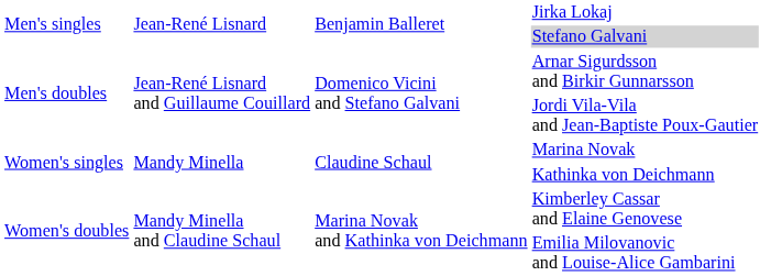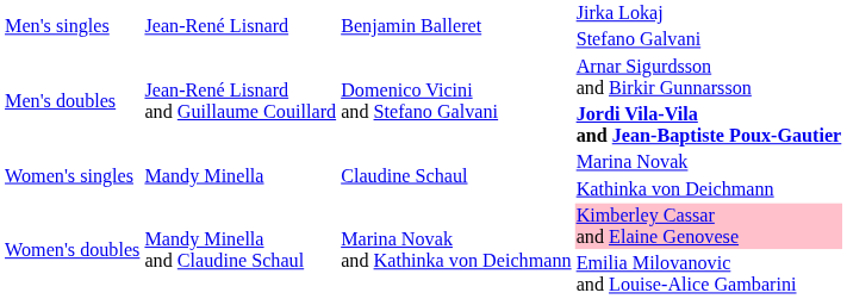 <table>
 <tr>
 <td rowspan=2><a href='#'>Men's singles</a></td>
 <td rowspan=2> <a href='#'>Jean-René Lisnard</a></td>
 <td rowspan=2> <a href='#'>Benjamin Balleret</a></td>
 <td> <a href='#'>Jirka Lokaj</a></td>
 </tr>
 <tr>
-<td style="background: lightgrey;"> <a href='#'>Stefano Galvani</a></td>
+<td> <a href='#'>Stefano Galvani</a></td>
 </tr>
 <tr>
 <td rowspan=2><a href='#'>Men's doubles</a></td>
 <td rowspan=2> <a href='#'>Jean-René Lisnard</a><br>and <a href='#'>Guillaume Couillard</a></td>
 <td rowspan=2> <a href='#'>Domenico Vicini</a><br>and <a href='#'>Stefano Galvani</a></td>
 <td> <a href='#'>Arnar Sigurdsson</a><br>and <a href='#'>Birkir Gunnarsson</a></td>
 </tr>
 <tr>
-<td> <a href='#'>Jordi Vila-Vila</a><br>and <a href='#'>Jean-Baptiste Poux-Gautier</a></td>
+<td><strong> <a href='#'>Jordi Vila-Vila</a><br>and <a href='#'>Jean-Baptiste Poux-Gautier</a></strong></td>
 </tr>
 <tr>
 <td rowspan=2><a href='#'>Women's singles</a></td>
 <td rowspan=2> <a href='#'>Mandy Minella</a></td>
 <td rowspan=2> <a href='#'>Claudine Schaul</a></td>
 <td> <a href='#'>Marina Novak</a></td>
 </tr>
 <tr>
 <td> <a href='#'>Kathinka von Deichmann</a></td>
 </tr>
 <tr>
 <td rowspan=2><a href='#'>Women's doubles</a></td>
 <td rowspan=2> <a href='#'>Mandy Minella</a><br>and <a href='#'>Claudine Schaul</a></td>
 <td rowspan=2> <a href='#'>Marina Novak</a><br>and <a href='#'>Kathinka von Deichmann</a></td>
-<td> <a href='#'>Kimberley Cassar</a><br>and <a href='#'>Elaine Genovese</a></td>
+<td style="background: pink;"> <a href='#'>Kimberley Cassar</a><br>and <a href='#'>Elaine Genovese</a></td>
 </tr>
 <tr>
 <td> <a href='#'>Emilia Milovanovic</a><br>and <a href='#'>Louise-Alice Gambarini</a></td>
 </tr>
 </table>
